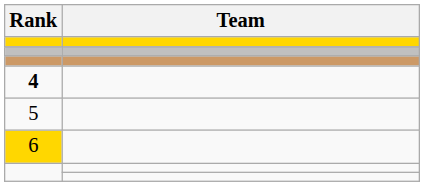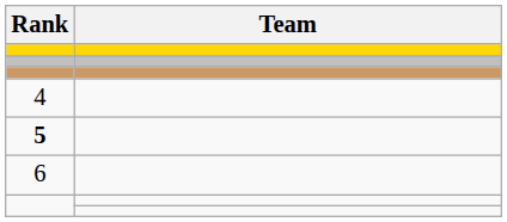 <table class="wikitable">
 <tr>
 <th>Rank</th>
 <th align="left" style="width: 17em">Team</th>
 </tr>
 <tr bgcolor=gold>
 <td align="center"></td>
 <td><strong></strong></td>
 </tr>
 <tr bgcolor=silver>
 <td align="center"></td>
 <td></td>
 </tr>
 <tr bgcolor=cc9966>
 <td align="center"></td>
 <td></td>
 </tr>
 <tr>
-<td align="center"><strong>4</strong></td>
+<td align="center">4</td>
 <td></td>
 </tr>
 <tr>
-<td align="center">5</td>
+<td align="center"><strong>5</strong></td>
 <td></td>
 </tr>
 <tr>
-<td align="center" style="background: gold;">6</td>
+<td align="center">6</td>
 <td></td>
 </tr>
 <tr>
 <td align="center" rowspan="2"></td>
 <td></td>
 </tr>
 <tr>
 <td></td>
 </tr>
 </table>
